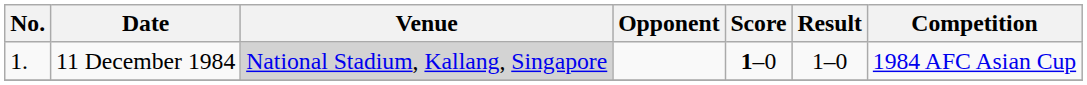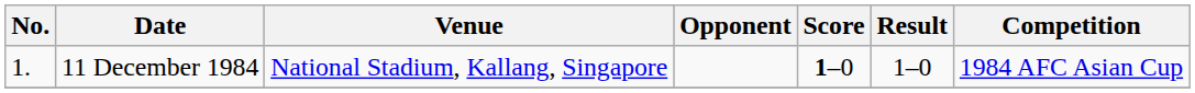 <table class="wikitable">
 <tr>
 <th>No.</th>
 <th>Date</th>
 <th>Venue</th>
 <th>Opponent</th>
 <th>Score</th>
 <th>Result</th>
 <th>Competition</th>
 </tr>
 <tr>
 <td>1.</td>
 <td>11 December 1984</td>
-<td style="background: lightgrey;"><a href='#'>National Stadium</a>, <a href='#'>Kallang</a>, <a href='#'>Singapore</a></td>
+<td><a href='#'>National Stadium</a>, <a href='#'>Kallang</a>, <a href='#'>Singapore</a></td>
 <td></td>
 <td align=center><strong>1</strong>–0</td>
 <td align=center>1–0</td>
 <td><a href='#'>1984 AFC Asian Cup</a></td>
 </tr>
 <tr>
 </tr>
 </table>
